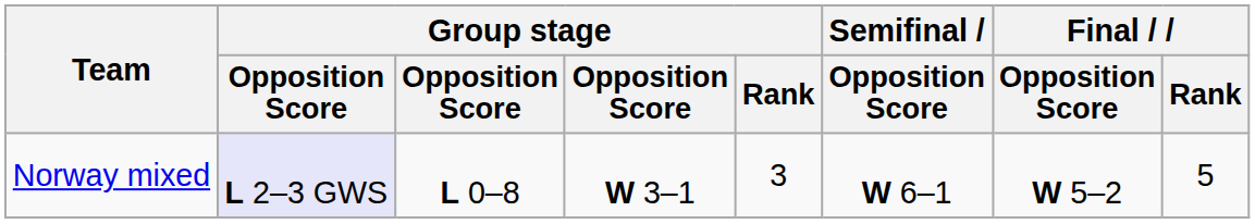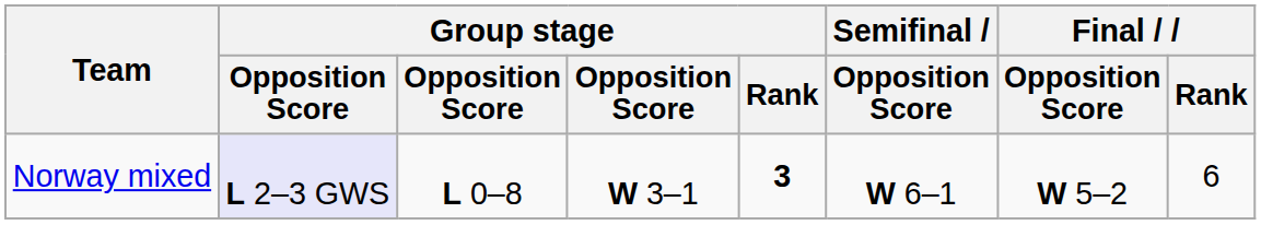 <table class="wikitable" style="font-size:90%">
 <tr>
 <th rowspan=2>Team</th>
 <th colspan=4>Group stage</th>
 <th>Semifinal / </th>
 <th colspan=2>Final /  / </th>
 </tr>
 <tr style="font-size:95%">
 <th>Opposition<br>Score</th>
 <th>Opposition<br>Score</th>
 <th>Opposition<br>Score</th>
 <th>Rank</th>
 <th>Opposition<br>Score</th>
 <th>Opposition<br>Score</th>
 <th>Rank</th>
 </tr>
 <tr align=center>
 <td align=left><a href='#'>Norway mixed</a></td>
 <td style="background: lavender;"><br> <strong>L</strong> 2–3 GWS</td>
 <td><br> <strong>L</strong> 0–8</td>
 <td><br> <strong>W</strong> 3–1</td>
-<td>3</td>
+<td><strong>3</strong></td>
 <td><br> <strong>W</strong> 6–1</td>
 <td><br> <strong>W</strong> 5–2</td>
-<td>5</td>
+<td>6</td>
 </tr>
 </table>
